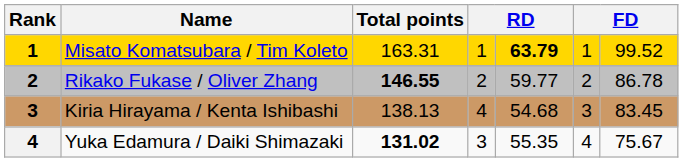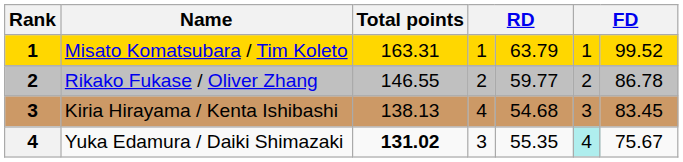 <table class="wikitable sortable">
 <tr>
 <th>Rank</th>
 <th>Name</th>
 <th>Total points</th>
 <th colspan="2" width="80px"><a href='#'>RD</a></th>
 <th colspan="2" width="80px"><a href='#'>FD</a></th>
 </tr>
 <tr bgcolor="gold">
 <td align="center"><strong>1</strong></td>
 <td><a href='#'>Misato Komatsubara</a> / <a href='#'>Tim Koleto</a></td>
 <td align="center">163.31</td>
 <td align="center">1</td>
-<td align="center"><strong>63.79</strong></td>
+<td align="center">63.79</td>
 <td align="center">1</td>
 <td align="center">99.52</td>
 </tr>
 <tr bgcolor="silver">
 <td align="center"><strong>2</strong></td>
 <td><a href='#'>Rikako Fukase</a> / <a href='#'>Oliver Zhang</a></td>
-<td align="center"><strong>146.55</strong></td>
+<td align="center">146.55</td>
 <td align="center">2</td>
 <td align="center">59.77</td>
 <td align="center">2</td>
 <td align="center">86.78</td>
 </tr>
 <tr bgcolor="cc9966">
 <td align="center"><strong>3</strong></td>
 <td>Kiria Hirayama / Kenta Ishibashi</td>
 <td align="center">138.13</td>
 <td align="center">4</td>
 <td align="center">54.68</td>
 <td align="center">3</td>
 <td align="center">83.45</td>
 </tr>
 <tr>
 <th>4</th>
 <td>Yuka Edamura / Daiki Shimazaki</td>
 <td align="center"><strong>131.02</strong></td>
 <td align="center">3</td>
 <td align="center">55.35</td>
-<td align="center">4</td>
+<td align="center" style="background: paleturquoise;">4</td>
 <td align="center">75.67</td>
 </tr>
 </table>
